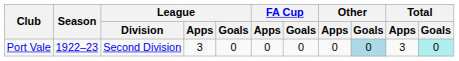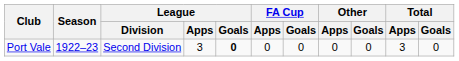 <table class="wikitable" style="text-align:center">
 <tr>
 <th rowspan="2">Club</th>
 <th rowspan="2">Season</th>
 <th colspan="3">League</th>
 <th colspan="2"><a href='#'>FA Cup</a></th>
 <th colspan="2">Other</th>
 <th colspan="2">Total</th>
 </tr>
 <tr>
 <th>Division</th>
 <th>Apps</th>
 <th>Goals</th>
 <th>Apps</th>
 <th>Goals</th>
 <th>Apps</th>
 <th>Goals</th>
 <th>Apps</th>
 <th>Goals</th>
 </tr>
 <tr>
 <td><a href='#'>Port Vale</a></td>
 <td><a href='#'>1922–23</a></td>
 <td><a href='#'>Second Division</a></td>
 <td>3</td>
+<td><strong>0</strong></td>
 <td>0</td>
 <td>0</td>
 <td>0</td>
 <td>0</td>
-<td style="background: lightblue;">0</td>
 <td>3</td>
-<td style="background: paleturquoise;">0</td>
+<td>0</td>
 </tr>
 </table>
